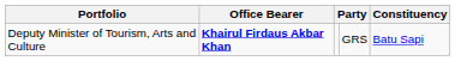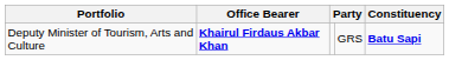 <table class="sortable wikitable">
 <tr>
 <th>Portfolio</th>
 <th>Office Bearer</th>
 <th colspan="2">Party</th>
 <th>Constituency</th>
 </tr>
 <tr>
 <td>Deputy Minister of Tourism, Arts and Culture</td>
 <td><strong><a href='#'>Khairul Firdaus Akbar Khan</a></strong> </td>
 <td></td>
 <td>GRS</td>
-<td><a href='#'>Batu Sapi</a></td>
+<td><strong><a href='#'>Batu Sapi</a></strong></td>
 </tr>
 </table>
